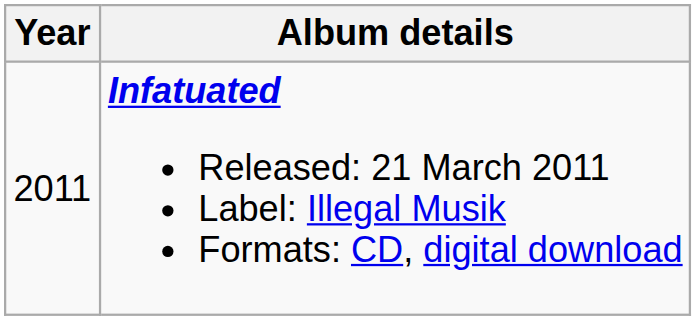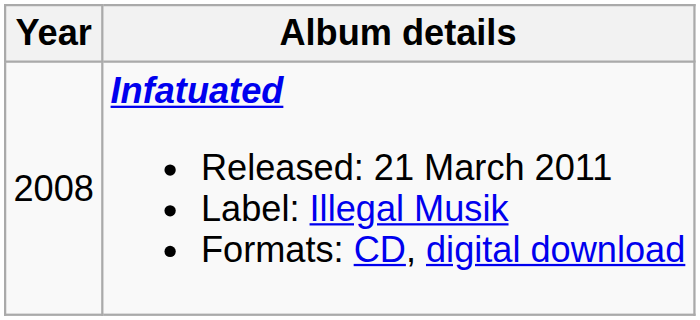 <table class="wikitable">
 <tr>
 <th>Year</th>
 <th>Album details</th>
 </tr>
 <tr>
-<td>2011</td>
+<td>2008</td>
 <td><strong><em><a href='#'>Infatuated</a></em></strong><br><ul><li>Released: 21 March 2011</li><li>Label: <a href='#'>Illegal Musik</a></li><li>Formats: <a href='#'>CD</a>, <a href='#'>digital download</a></li></ul></td>
 </tr>
 </table>
